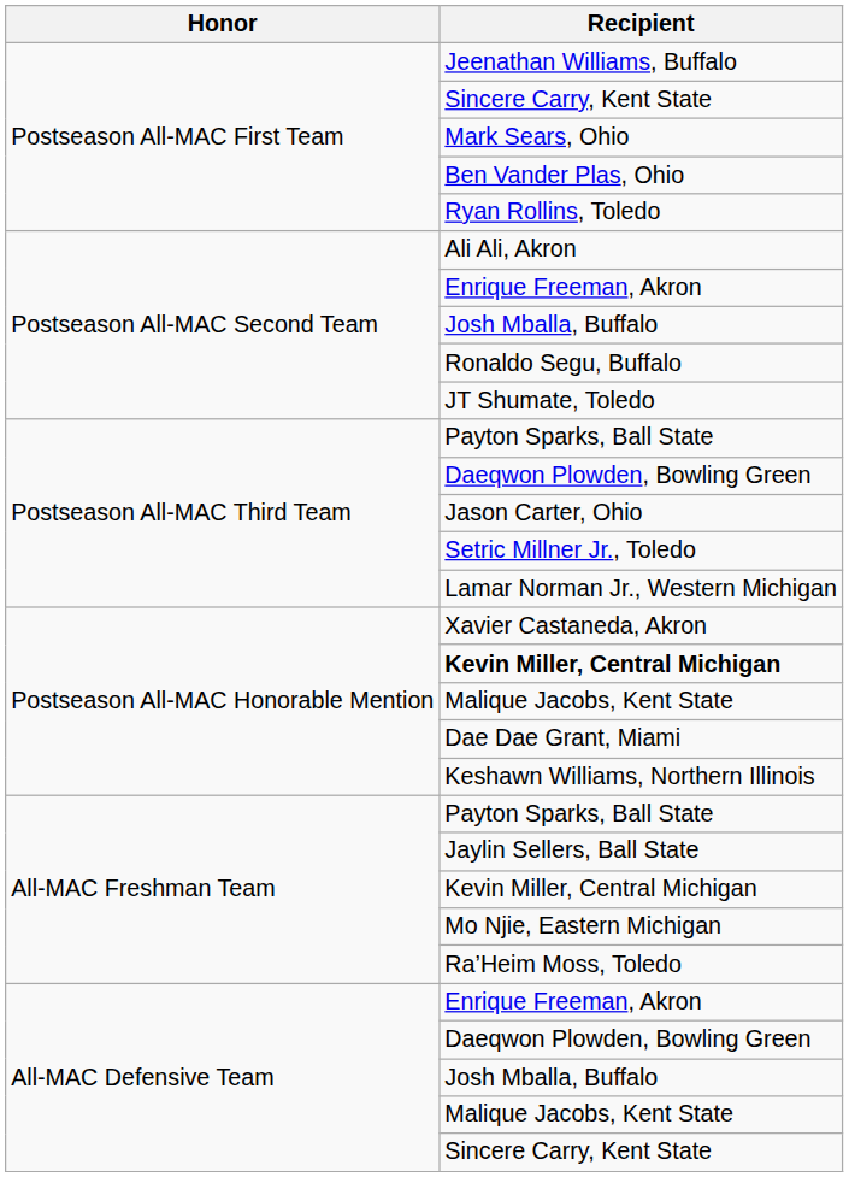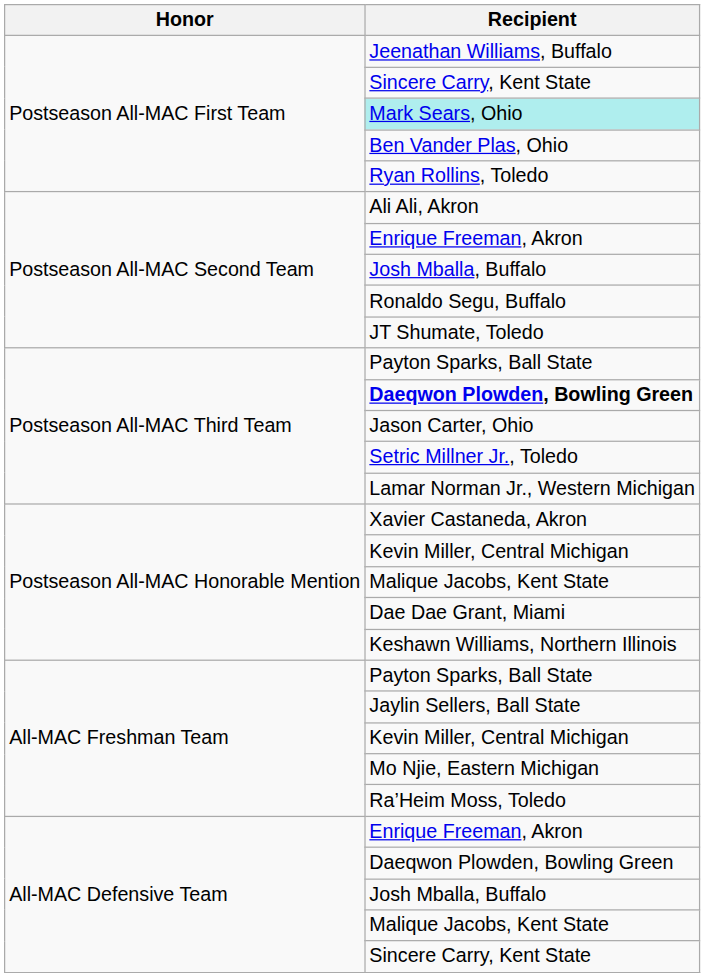 <table class="wikitable" border="1">
 <tr>
 <th>Honor</th>
 <th>Recipient</th>
 </tr>
 <tr>
 <td rowspan=5 valign=middle>Postseason All-MAC First Team</td>
 <td><a href='#'>Jeenathan Williams</a>, Buffalo</td>
 </tr>
 <tr>
 <td><a href='#'>Sincere Carry</a>, Kent State</td>
 </tr>
 <tr>
-<td><a href='#'>Mark Sears</a>, Ohio</td>
+<td style="background: paleturquoise;"><a href='#'>Mark Sears</a>, Ohio</td>
 </tr>
 <tr>
 <td><a href='#'>Ben Vander Plas</a>, Ohio</td>
 </tr>
 <tr>
 <td><a href='#'>Ryan Rollins</a>, Toledo</td>
 </tr>
 <tr>
 <td rowspan=5 valign=middle>Postseason All-MAC Second Team</td>
 <td>Ali Ali, Akron</td>
 </tr>
 <tr>
 <td><a href='#'>Enrique Freeman</a>, Akron</td>
 </tr>
 <tr>
 <td><a href='#'>Josh Mballa</a>, Buffalo</td>
 </tr>
 <tr>
 <td>Ronaldo Segu, Buffalo</td>
 </tr>
 <tr>
 <td>JT Shumate, Toledo</td>
 </tr>
 <tr>
 <td rowspan=5 valign=middle>Postseason All-MAC Third Team</td>
 <td>Payton Sparks, Ball State</td>
 </tr>
 <tr>
-<td><a href='#'>Daeqwon Plowden</a>, Bowling Green</td>
+<td><strong><a href='#'>Daeqwon Plowden</a>, Bowling Green</strong></td>
 </tr>
 <tr>
 <td>Jason Carter, Ohio</td>
 </tr>
 <tr>
 <td><a href='#'>Setric Millner Jr.</a>, Toledo</td>
 </tr>
 <tr>
 <td>Lamar Norman Jr., Western Michigan</td>
 </tr>
 <tr>
 <td rowspan=5 valign=middle>Postseason All-MAC Honorable Mention</td>
 <td>Xavier Castaneda, Akron</td>
 </tr>
 <tr>
-<td><strong>Kevin Miller, Central Michigan</strong></td>
+<td>Kevin Miller, Central Michigan</td>
 </tr>
 <tr>
 <td>Malique Jacobs, Kent State</td>
 </tr>
 <tr>
 <td>Dae Dae Grant, Miami</td>
 </tr>
 <tr>
 <td>Keshawn Williams, Northern Illinois</td>
 </tr>
 <tr>
 <td rowspan=5 valign=middle>All-MAC Freshman Team</td>
 <td>Payton Sparks, Ball State</td>
 </tr>
 <tr>
 <td>Jaylin Sellers, Ball State</td>
 </tr>
 <tr>
 <td>Kevin Miller, Central Michigan</td>
 </tr>
 <tr>
 <td>Mo Njie, Eastern Michigan</td>
 </tr>
 <tr>
 <td>Ra’Heim Moss, Toledo</td>
 </tr>
 <tr>
 <td rowspan=5 valign=middle>All-MAC Defensive Team</td>
 <td><a href='#'>Enrique Freeman</a>, Akron</td>
 </tr>
 <tr>
 <td>Daeqwon Plowden, Bowling Green</td>
 </tr>
 <tr>
 <td>Josh Mballa, Buffalo</td>
 </tr>
 <tr>
 <td>Malique Jacobs, Kent State</td>
 </tr>
 <tr>
 <td>Sincere Carry, Kent State</td>
 </tr>
 <tr>
 </tr>
 </table>
